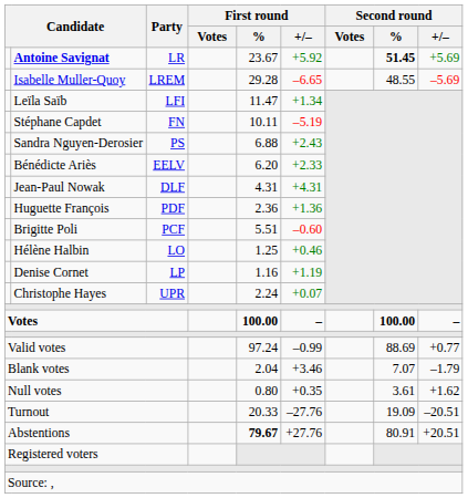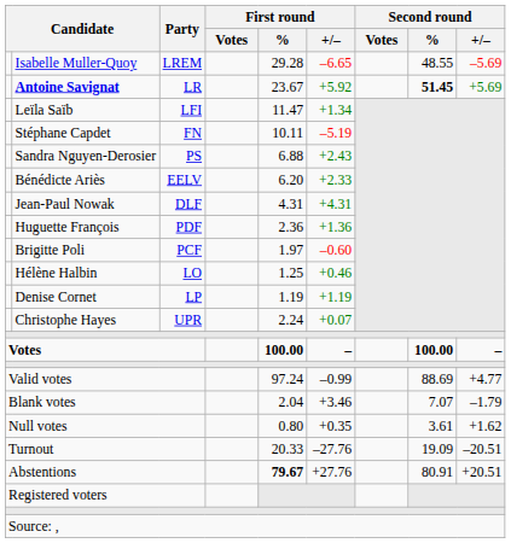 <table class="wikitable" style="text-align:right;font-size:95%;">
 <tr>
 <th rowspan="2" colspan="2">Candidate</th>
 <th rowspan="2">Party</th>
 <th colspan="3">First round</th>
 <th colspan="3">Second round</th>
 </tr>
 <tr>
 <th style="width:50px;">Votes</th>
 <th style="width:45px;">%</th>
 <th style="width:45px;">+/–</th>
 <th style="width:50px;">Votes</th>
 <th style="width:45px;">%</th>
 <th style="width:45px;">+/–</th>
 </tr>
 <tr>
 <td style="background:"></td>
+<td style="text-align:left;"><a href='#'>Isabelle Muller-Quoy</a></td>
+<td><a href='#'>LREM</a></td>
+<td></td>
+<td>29.28</td>
+<td style="color:red;">–6.65</td>
+<td></td>
+<td>48.55</td>
+<td style="color:red;">–5.69</td>
+</tr>
+<tr>
+<td style="background:"></td>
 <td style="text-align:left;"><strong><a href='#'>Antoine Savignat</a></strong></td>
 <td><a href='#'>LR</a></td>
 <td></td>
 <td>23.67</td>
 <td style="color:green;">+5.92</td>
 <td></td>
 <td><strong>51.45</strong></td>
 <td style="color:green;">+5.69</td>
-</tr>
-<tr>
-<td style="background:"></td>
-<td style="text-align:left;"><a href='#'>Isabelle Muller-Quoy</a></td>
-<td><a href='#'>LREM</a></td>
-<td></td>
-<td>29.28</td>
-<td style="color:red;">–6.65</td>
-<td></td>
-<td>48.55</td>
-<td style="color:red;">–5.69</td>
 </tr>
 <tr>
 <td style="background:"></td>
 <td style="text-align:left;">Leïla Saïb</td>
 <td><a href='#'>LFI</a></td>
 <td></td>
 <td>11.47</td>
 <td style="color:green;">+1.34</td>
 <td colspan="3" rowspan="10" style="background:#E9E9E9;"></td>
 </tr>
 <tr>
 <td style="background:"></td>
 <td style="text-align:left;">Stéphane Capdet</td>
 <td><a href='#'>FN</a></td>
 <td></td>
 <td>10.11</td>
 <td style="color:red;">–5.19</td>
 </tr>
 <tr>
 <td style="background:"></td>
 <td style="text-align:left;">Sandra Nguyen-Derosier</td>
 <td><a href='#'>PS</a></td>
 <td></td>
 <td>6.88</td>
 <td style="color:green;">+2.43</td>
 </tr>
 <tr>
 <td style="background:"></td>
 <td style="text-align:left;">Bénédicte Ariès</td>
 <td><a href='#'>EELV</a></td>
 <td></td>
 <td>6.20</td>
 <td style="color:green;">+2.33</td>
 </tr>
 <tr>
 <td style="background:"></td>
 <td style="text-align:left;">Jean-Paul Nowak</td>
 <td><a href='#'>DLF</a></td>
 <td></td>
 <td>4.31</td>
 <td style="color:green;">+4.31</td>
 </tr>
 <tr>
 <td style="background:"></td>
 <td style="text-align:left;">Huguette François</td>
 <td><a href='#'>PDF</a></td>
 <td></td>
 <td>2.36</td>
 <td style="color:green;">+1.36</td>
 </tr>
 <tr>
 <td style="background:"></td>
 <td style="text-align:left;">Brigitte Poli</td>
 <td><a href='#'>PCF</a></td>
 <td></td>
-<td>5.51</td>
+<td>1.97</td>
 <td style="color:red;">–0.60</td>
 </tr>
 <tr>
 <td style="background:"></td>
 <td style="text-align:left;">Hélène Halbin</td>
 <td><a href='#'>LO</a></td>
 <td></td>
 <td>1.25</td>
 <td style="color:green;">+0.46</td>
 </tr>
 <tr>
 <td style="background:"></td>
 <td style="text-align:left;">Denise Cornet</td>
 <td><a href='#'>LP</a></td>
 <td></td>
-<td>1.16</td>
+<td>1.19</td>
 <td style="color:green;">+1.19</td>
 </tr>
 <tr>
 <td style="background:"></td>
 <td style="text-align:left;">Christophe Hayes</td>
 <td><a href='#'>UPR</a></td>
 <td></td>
 <td>2.24</td>
 <td style="color:green;">+0.07</td>
 </tr>
 <tr>
 <td colspan="9" style="background:#E9E9E9;"></td>
 </tr>
 <tr style="font-weight:bold;">
 <td colspan="3" style="text-align:left;">Votes</td>
 <td></td>
 <td>100.00</td>
 <td>–</td>
 <td></td>
 <td>100.00</td>
 <td>–</td>
 </tr>
 <tr>
 <td colspan="9" style="background:#E9E9E9;"></td>
 </tr>
 <tr>
 <td colspan="3" style="text-align:left;">Valid votes</td>
 <td></td>
 <td>97.24</td>
 <td>–0.99</td>
 <td></td>
 <td>88.69</td>
-<td>+0.77</td>
+<td>+4.77</td>
 </tr>
 <tr>
 <td colspan="3" style="text-align:left;">Blank votes</td>
 <td></td>
 <td>2.04</td>
 <td>+3.46</td>
 <td></td>
 <td>7.07</td>
 <td>–1.79</td>
 </tr>
 <tr>
 <td colspan="3" style="text-align:left;">Null votes</td>
 <td></td>
 <td>0.80</td>
 <td>+0.35</td>
 <td></td>
 <td>3.61</td>
 <td>+1.62</td>
 </tr>
 <tr>
 <td colspan="3" style="text-align:left;">Turnout</td>
 <td></td>
 <td>20.33</td>
 <td>–27.76</td>
 <td></td>
 <td>19.09</td>
 <td>–20.51</td>
 </tr>
 <tr>
 <td colspan="3" style="text-align:left;">Abstentions</td>
 <td></td>
 <td><strong>79.67</strong></td>
 <td>+27.76</td>
 <td></td>
 <td>80.91</td>
 <td>+20.51</td>
 </tr>
 <tr>
 <td colspan="3" style="text-align:left;">Registered voters</td>
 <td></td>
 <td colspan="2" style="background:#E9E9E9;"></td>
 <td></td>
 <td colspan="2" style="background:#E9E9E9;"></td>
 </tr>
 <tr>
 <td colspan="9" style="background:#E9E9E9;"></td>
 </tr>
 <tr>
 <td colspan="9" style="text-align:left;">Source: , </td>
 </tr>
 </table>
